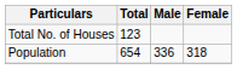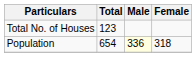 <table class="wikitable sortable">
 <tr>
 <th>Particulars</th>
 <th>Total</th>
 <th>Male</th>
 <th>Female</th>
 </tr>
 <tr>
 <td>Total No. of Houses</td>
 <td>123</td>
 <td></td>
 <td></td>
 </tr>
 <tr>
 <td>Population</td>
 <td>654</td>
-<td>336</td>
+<td style="background: lightyellow;">336</td>
 <td>318</td>
 </tr>
 <tr>
 </tr>
 </table>
